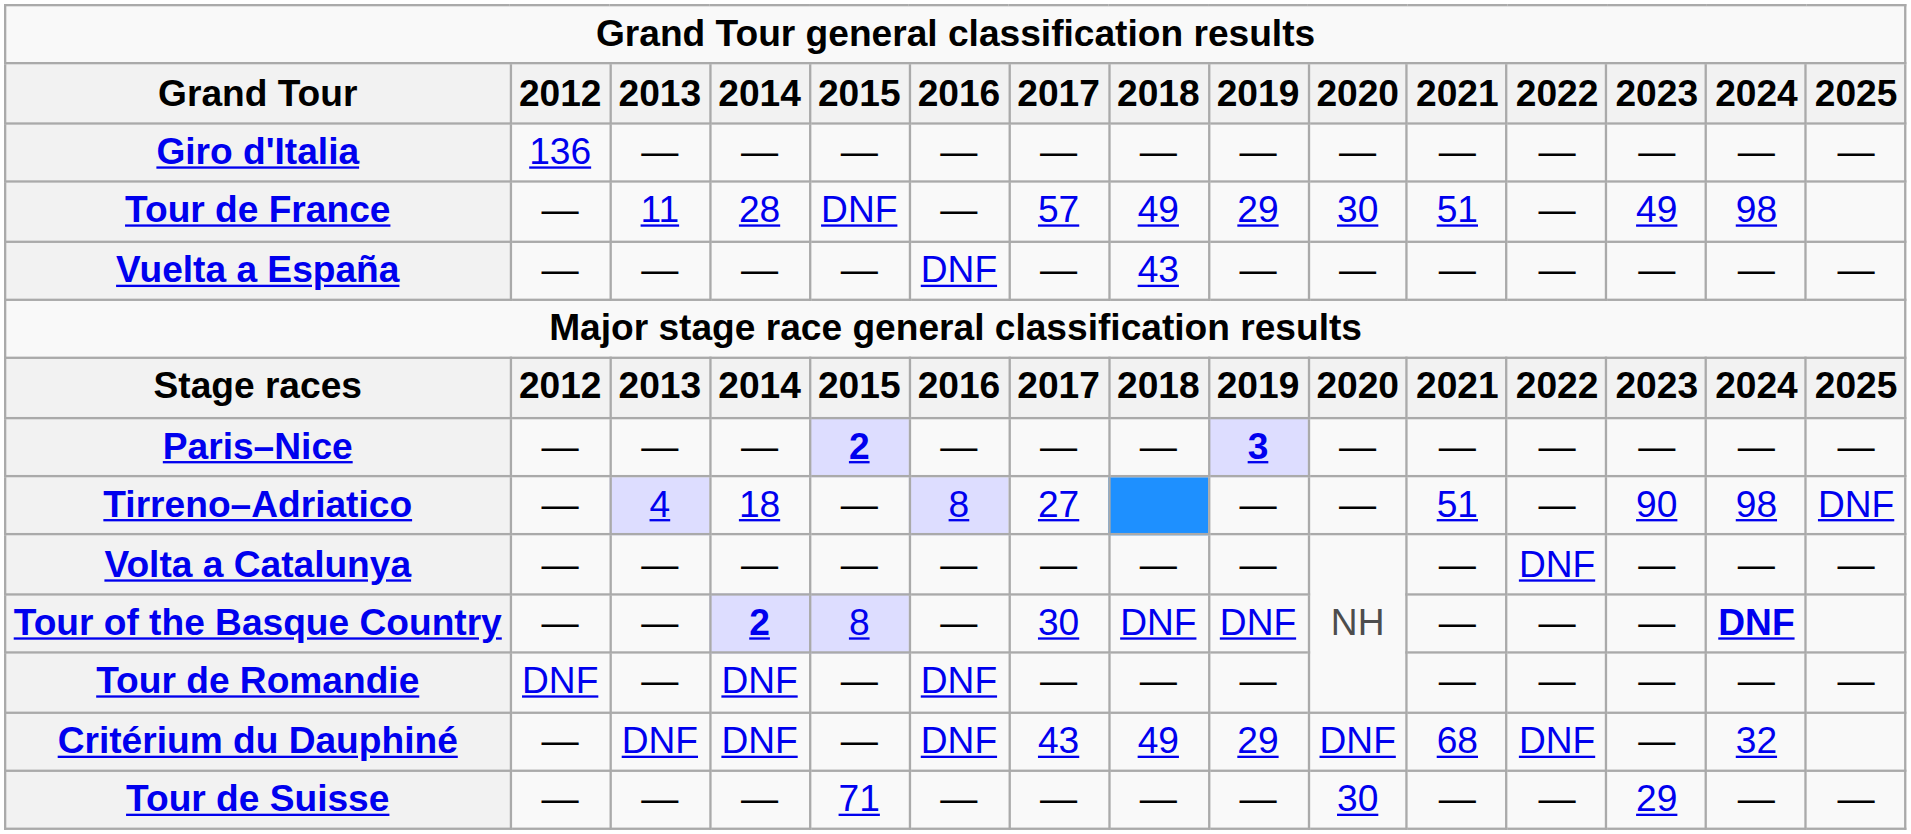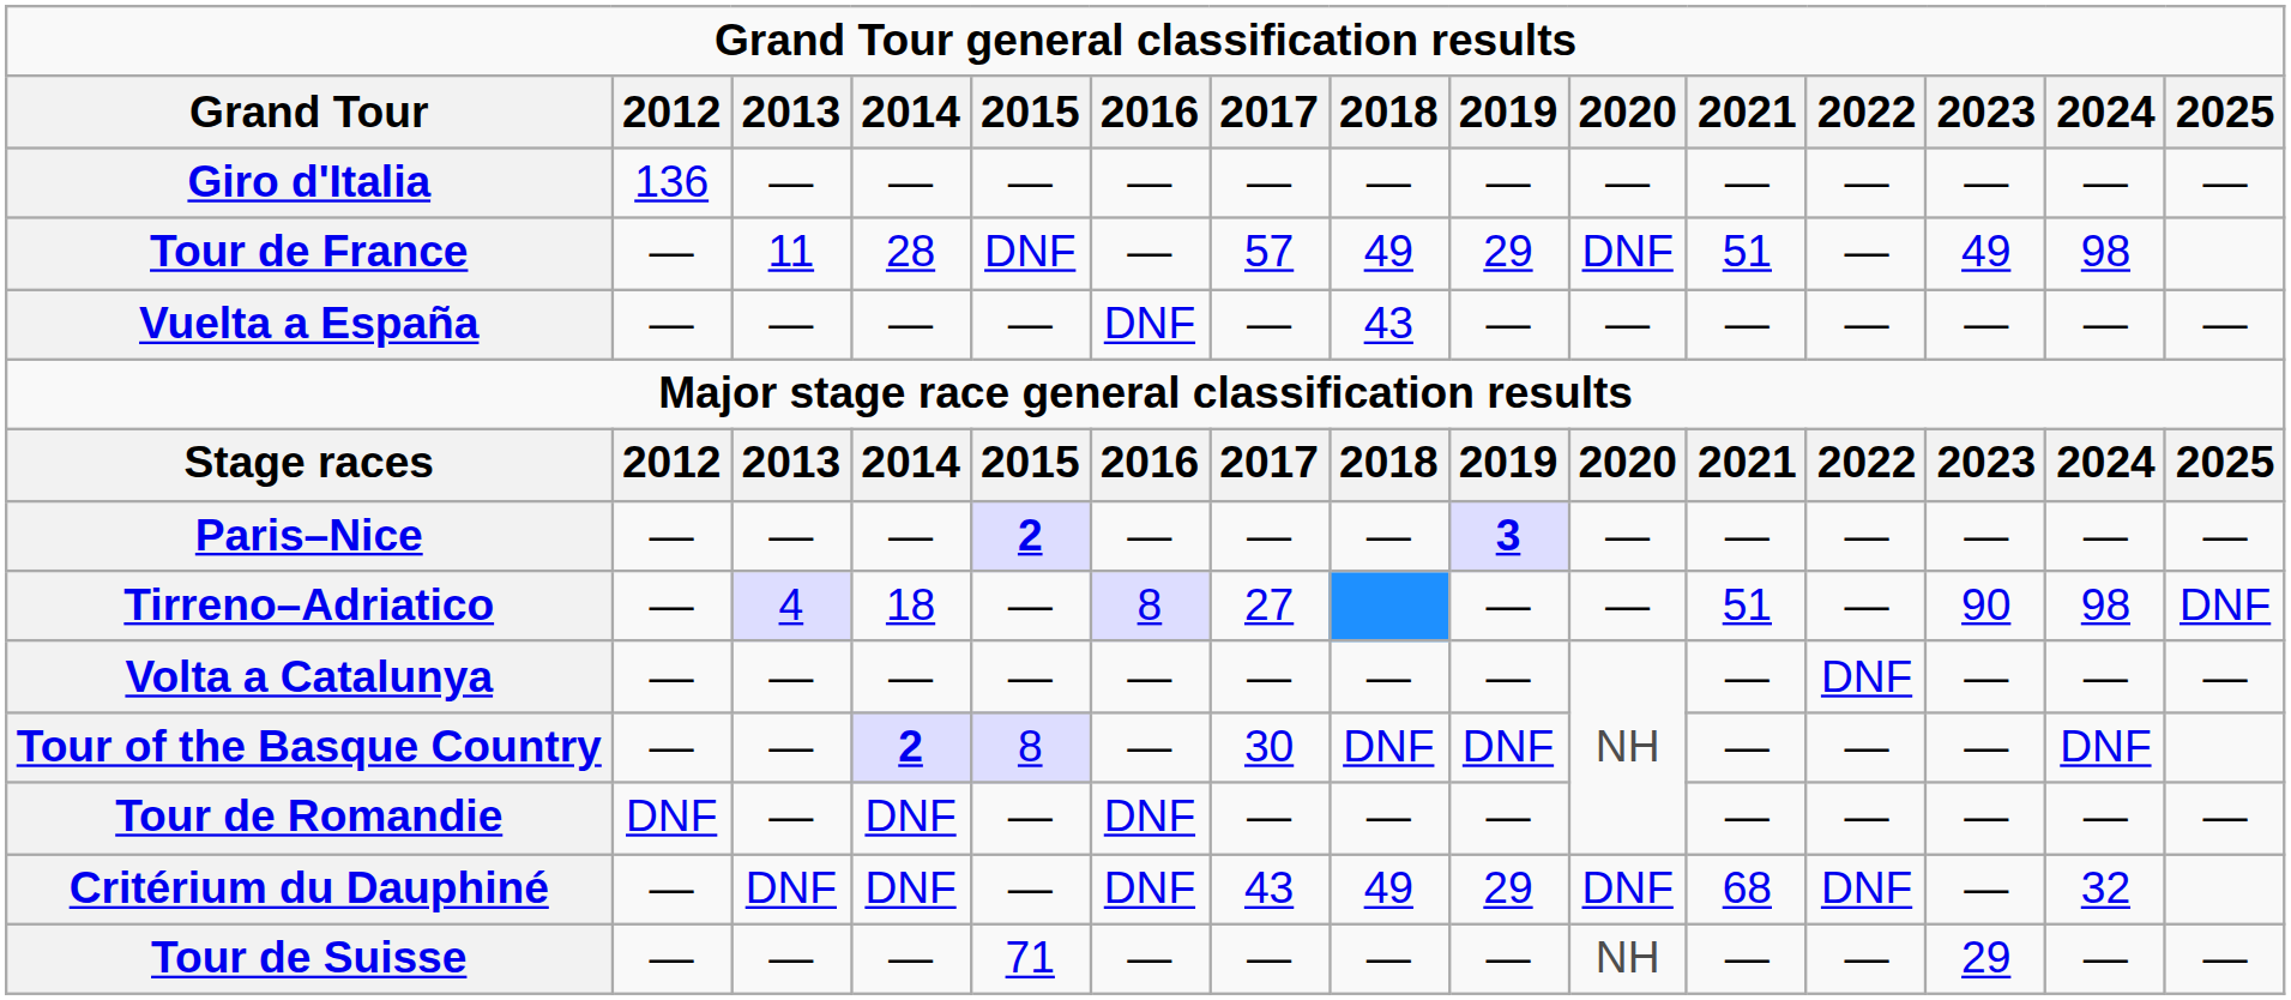 <table class="wikitable plainrowheaders">
 <tr>
 <td colspan=18 align="center"><strong>Grand Tour general classification results</strong></td>
 </tr>
 <tr>
 <th scope="col">Grand Tour</th>
 <th scope="col">2012</th>
 <th scope="col">2013</th>
 <th scope="col">2014</th>
 <th scope="col">2015</th>
 <th scope="col">2016</th>
 <th scope="col">2017</th>
 <th scope="col">2018</th>
 <th scope="col">2019</th>
 <th scope="col">2020</th>
 <th scope="col">2021</th>
 <th scope="col">2022</th>
 <th scope="col">2023</th>
 <th scope="col">2024</th>
 <th scope="col">2025</th>
 </tr>
 <tr style="text-align:center;">
 <th scope="row"> <a href='#'>Giro d'Italia</a></th>
 <td><a href='#'>136</a></td>
 <td>—</td>
 <td>—</td>
 <td>—</td>
 <td>—</td>
 <td>—</td>
 <td>—</td>
 <td>—</td>
 <td>—</td>
 <td>—</td>
 <td>—</td>
 <td>—</td>
 <td>—</td>
 <td>—</td>
 </tr>
 <tr style="text-align:center;">
 <th scope="row"> <a href='#'>Tour de France</a></th>
 <td>—</td>
 <td><a href='#'>11</a></td>
 <td><a href='#'>28</a></td>
 <td><a href='#'>DNF</a></td>
 <td>—</td>
 <td><a href='#'>57</a></td>
 <td><a href='#'>49</a></td>
 <td><a href='#'>29</a></td>
-<td><a href='#'>30</a></td>
+<td><a href='#'>DNF</a></td>
 <td><a href='#'>51</a></td>
 <td>—</td>
 <td><a href='#'>49</a></td>
 <td><a href='#'>98</a></td>
 <td></td>
 </tr>
 <tr style="text-align:center;">
 <th scope="row"> <a href='#'>Vuelta a España</a></th>
 <td>—</td>
 <td>—</td>
 <td>—</td>
 <td>—</td>
 <td><a href='#'>DNF</a></td>
 <td>—</td>
 <td><a href='#'>43</a></td>
 <td>—</td>
 <td>—</td>
 <td>—</td>
 <td>—</td>
 <td>—</td>
 <td>—</td>
 <td>—</td>
 </tr>
 <tr>
 <td colspan=18 align="center"><strong>Major stage race general classification results</strong></td>
 </tr>
 <tr>
 <th scope="col">Stage races</th>
 <th scope="col">2012</th>
 <th scope="col">2013</th>
 <th scope="col">2014</th>
 <th scope="col">2015</th>
 <th scope="col">2016</th>
 <th scope="col">2017</th>
 <th scope="col">2018</th>
 <th scope="col">2019</th>
 <th scope="col">2020</th>
 <th scope="col">2021</th>
 <th scope="col">2022</th>
 <th scope="col">2023</th>
 <th scope="col">2024</th>
 <th scope="col">2025</th>
 </tr>
 <tr style="text-align:center;">
 <th scope="row"> <a href='#'>Paris–Nice</a></th>
 <td>—</td>
 <td>—</td>
 <td>—</td>
 <td style="background:#ddf;"><a href='#'><strong>2</strong></a></td>
 <td>—</td>
 <td>—</td>
 <td>—</td>
 <td style="background:#ddf;"><a href='#'><strong>3</strong></a></td>
 <td>—</td>
 <td>—</td>
 <td>—</td>
 <td>—</td>
 <td>—</td>
 <td>—</td>
 </tr>
 <tr style="text-align:center;">
 <th scope="row"> <a href='#'>Tirreno–Adriatico</a></th>
 <td>—</td>
 <td style="background:#ddf;"><a href='#'>4</a></td>
 <td><a href='#'>18</a></td>
 <td>—</td>
 <td style="background:#ddf;"><a href='#'>8</a></td>
 <td><a href='#'>27</a></td>
 <td style="background:dodgerblue;"></td>
 <td>—</td>
 <td>—</td>
 <td><a href='#'>51</a></td>
 <td>—</td>
 <td><a href='#'>90</a></td>
 <td><a href='#'>98</a></td>
 <td><a href='#'>DNF</a></td>
 </tr>
 <tr style="text-align:center;">
 <th scope="row"> <a href='#'>Volta a Catalunya</a></th>
 <td>—</td>
 <td>—</td>
 <td>—</td>
 <td>—</td>
 <td>—</td>
 <td>—</td>
 <td>—</td>
 <td>—</td>
 <td style="color:#4d4d4d;" rowspan=3>NH</td>
 <td>—</td>
 <td><a href='#'>DNF</a></td>
 <td>—</td>
 <td>—</td>
 <td>—</td>
 </tr>
 <tr style="text-align:center;">
 <th scope="row"> <a href='#'>Tour of the Basque Country</a></th>
 <td>—</td>
 <td>—</td>
 <td style="background:#ddf;"><a href='#'><strong>2</strong></a></td>
 <td style="background:#ddf;"><a href='#'>8</a></td>
 <td>—</td>
 <td style="text-align:center;"><a href='#'>30</a></td>
 <td><a href='#'>DNF</a></td>
 <td><a href='#'>DNF</a></td>
 <td>—</td>
 <td>—</td>
 <td>—</td>
-<td><strong><a href='#'>DNF</a></strong></td>
+<td><a href='#'>DNF</a></td>
 <td></td>
 </tr>
 <tr style="text-align:center;">
 <th scope="row"> <a href='#'>Tour de Romandie</a></th>
 <td><a href='#'>DNF</a></td>
 <td>—</td>
 <td><a href='#'>DNF</a></td>
 <td>—</td>
 <td><a href='#'>DNF</a></td>
 <td>—</td>
 <td>—</td>
 <td>—</td>
 <td>—</td>
 <td>—</td>
 <td>—</td>
 <td>—</td>
 <td>—</td>
 </tr>
 <tr style="text-align:center;">
 <th scope="row"> <a href='#'>Critérium du Dauphiné</a></th>
 <td>—</td>
 <td><a href='#'>DNF</a></td>
 <td><a href='#'>DNF</a></td>
 <td>—</td>
 <td><a href='#'>DNF</a></td>
 <td><a href='#'>43</a></td>
 <td><a href='#'>49</a></td>
 <td><a href='#'>29</a></td>
 <td><a href='#'>DNF</a></td>
 <td><a href='#'>68</a></td>
 <td><a href='#'>DNF</a></td>
 <td>—</td>
 <td><a href='#'>32</a></td>
 <td></td>
 </tr>
 <tr align="center">
 <th scope="row"> <a href='#'>Tour de Suisse</a></th>
 <td>—</td>
 <td>—</td>
 <td>—</td>
 <td><a href='#'>71</a></td>
 <td>—</td>
 <td>—</td>
 <td>—</td>
 <td>—</td>
-<td><a href='#'>30</a></td>
+<td style="color:#4d4d4d;">NH</td>
 <td>—</td>
 <td>—</td>
 <td><a href='#'>29</a></td>
 <td>—</td>
 <td>—</td>
 </tr>
 </table>
